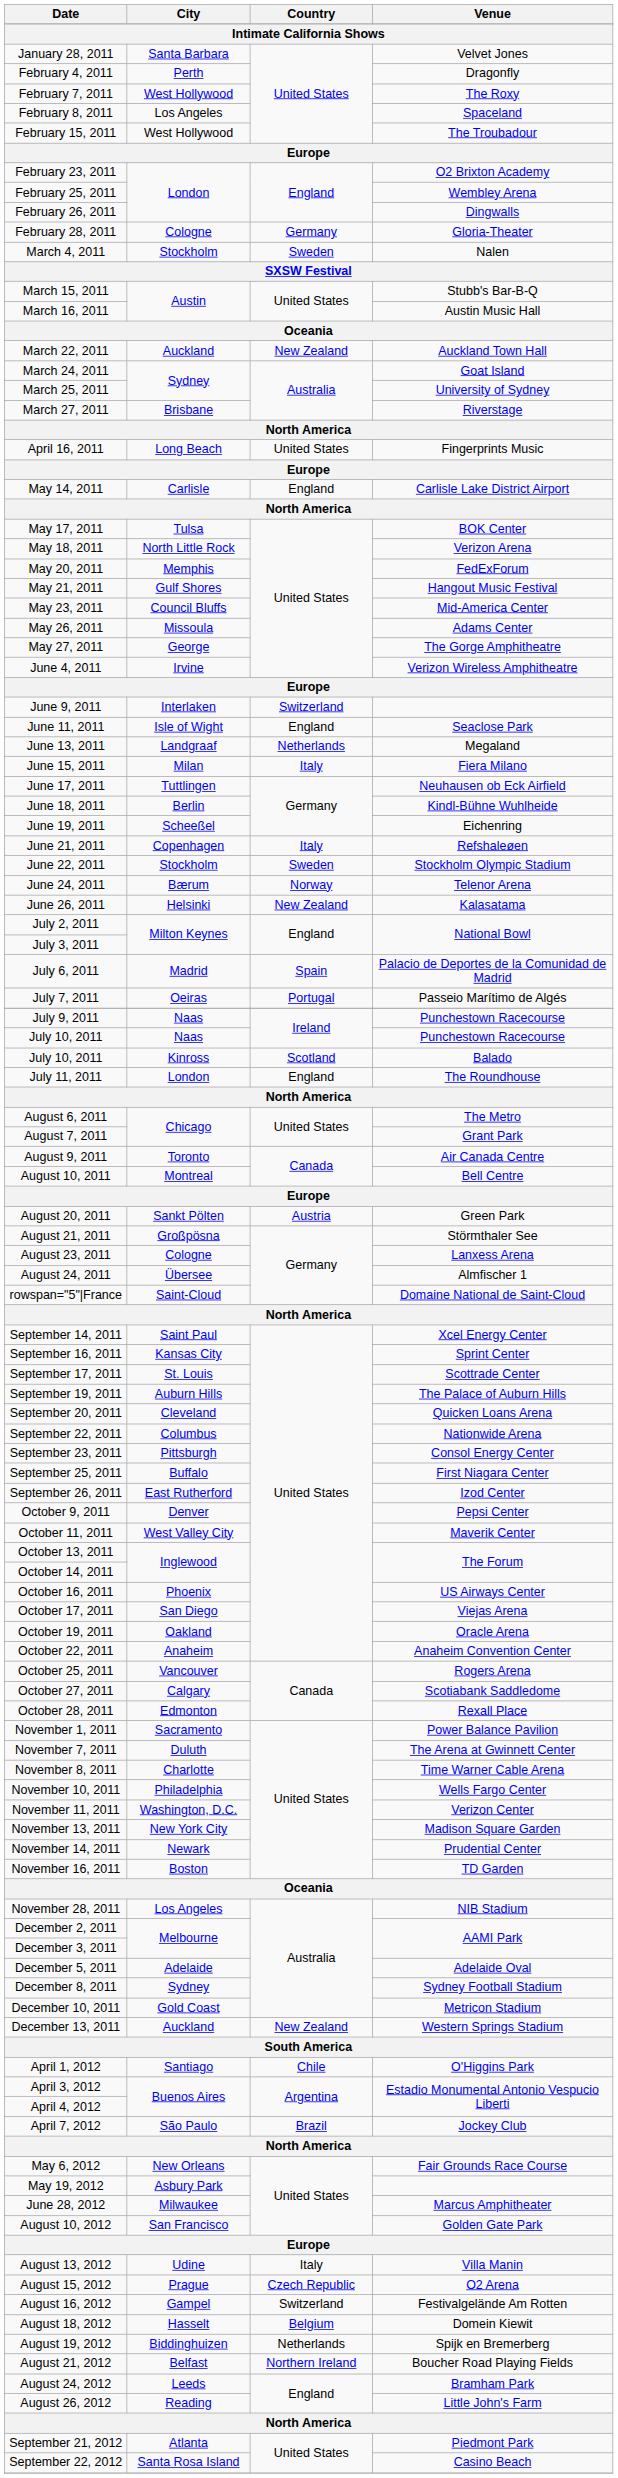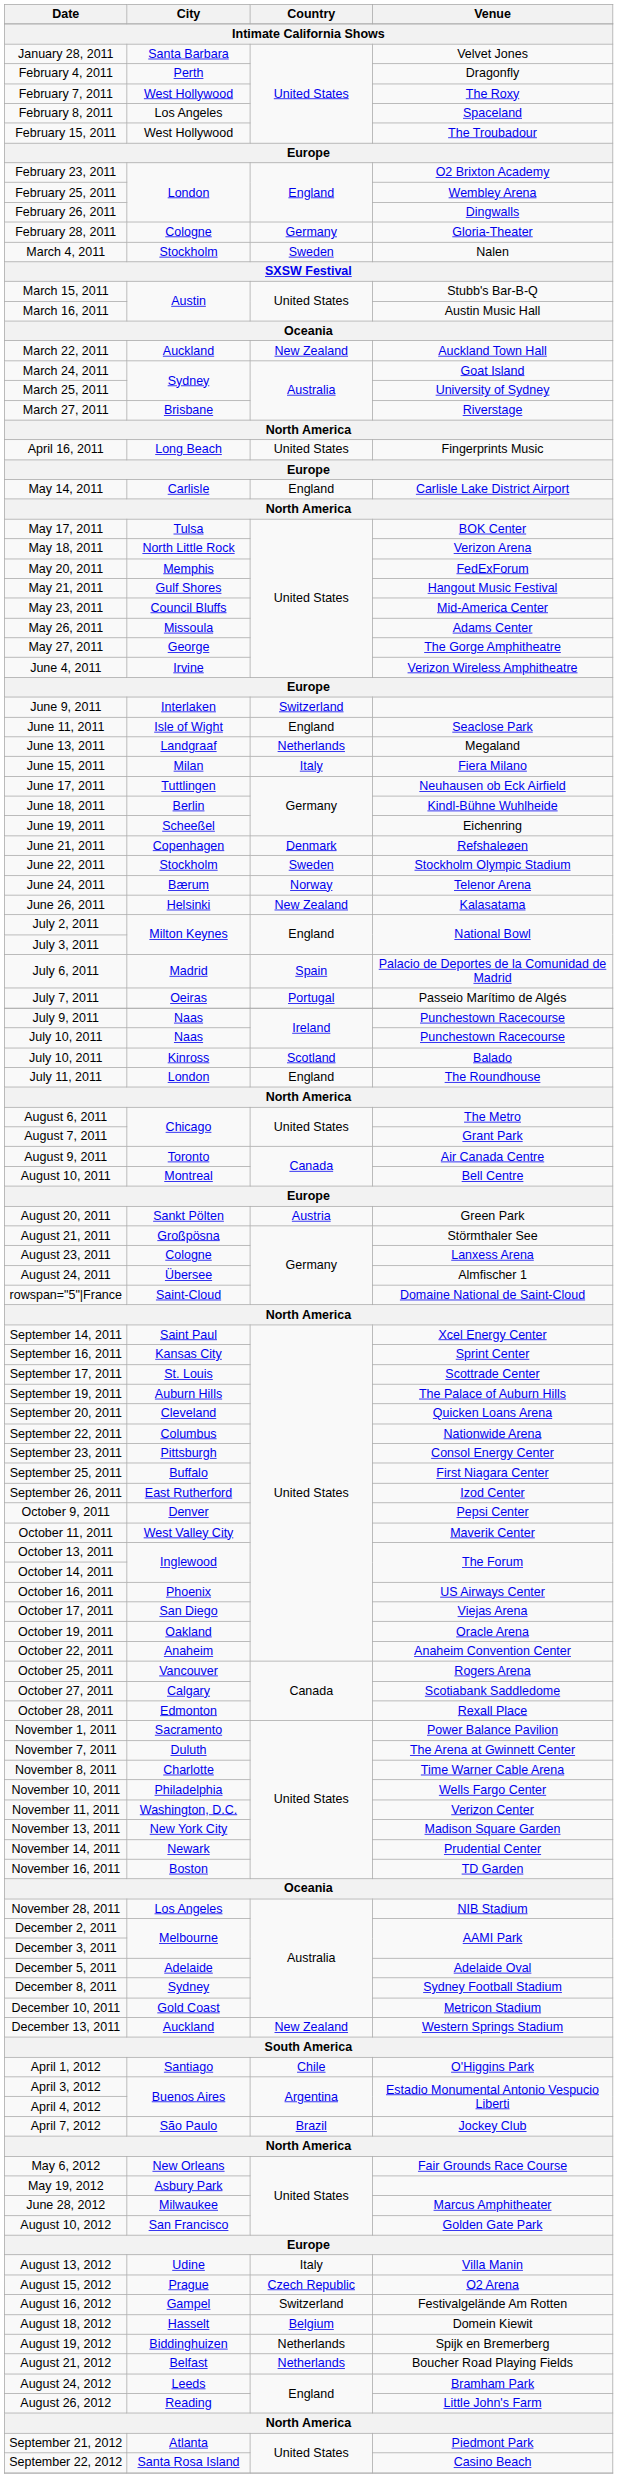 <table class="wikitable" style="text-align:center;">
 <tr>
 <th style="width:150px;">Date</th>
 <th style="width:150px;">City</th>
 <th style="width:150px;">Country</th>
 <th style="width:300px;">Venue</th>
 </tr>
 <tr style="background:#ddd;">
 </tr>
 <tr>
 <th colspan="4">Intimate California Shows</th>
 </tr>
 <tr>
 <td>January 28, 2011</td>
 <td><a href='#'>Santa Barbara</a></td>
 <td rowspan="5"><a href='#'>United States</a></td>
 <td>Velvet Jones</td>
 </tr>
 <tr>
 <td>February 4, 2011</td>
 <td><a href='#'>Perth</a></td>
 <td>Dragonfly</td>
 </tr>
 <tr>
 <td>February 7, 2011</td>
 <td><a href='#'>West Hollywood</a></td>
 <td><a href='#'>The Roxy</a></td>
 </tr>
 <tr>
 <td>February 8, 2011</td>
 <td>Los Angeles</td>
 <td><a href='#'>Spaceland</a></td>
 </tr>
 <tr>
 <td>February 15, 2011</td>
 <td>West Hollywood</td>
 <td><a href='#'>The Troubadour</a></td>
 </tr>
 <tr>
 <th colspan="4">Europe</th>
 </tr>
 <tr>
 <td>February 23, 2011 </td>
 <td rowspan="3"><a href='#'>London</a></td>
 <td rowspan="3"><a href='#'>England</a></td>
 <td><a href='#'>O2 Brixton Academy</a></td>
 </tr>
 <tr>
 <td>February 25, 2011 </td>
 <td><a href='#'>Wembley Arena</a></td>
 </tr>
 <tr>
 <td>February 26, 2011</td>
 <td><a href='#'>Dingwalls</a></td>
 </tr>
 <tr>
 <td>February 28, 2011</td>
 <td><a href='#'>Cologne</a></td>
 <td><a href='#'>Germany</a></td>
 <td><a href='#'>Gloria-Theater</a></td>
 </tr>
 <tr>
 <td>March 4, 2011</td>
 <td><a href='#'>Stockholm</a></td>
 <td><a href='#'>Sweden</a></td>
 <td>Nalen</td>
 </tr>
 <tr>
 <th colspan="4"><a href='#'>SXSW Festival</a></th>
 </tr>
 <tr>
 <td>March 15, 2011</td>
 <td rowspan="2"><a href='#'>Austin</a></td>
 <td rowspan="2">United States</td>
 <td>Stubb's Bar-B-Q</td>
 </tr>
 <tr>
 <td>March 16, 2011</td>
 <td>Austin Music Hall</td>
 </tr>
 <tr>
 <th colspan="4">Oceania</th>
 </tr>
 <tr>
 <td>March 22, 2011</td>
 <td><a href='#'>Auckland</a></td>
 <td><a href='#'>New Zealand</a></td>
 <td><a href='#'>Auckland Town Hall</a></td>
 </tr>
 <tr>
 <td>March 24, 2011</td>
 <td rowspan="2"><a href='#'>Sydney</a></td>
 <td rowspan="3"><a href='#'>Australia</a></td>
 <td><a href='#'>Goat Island</a></td>
 </tr>
 <tr>
 <td>March 25, 2011</td>
 <td><a href='#'>University of Sydney</a></td>
 </tr>
 <tr>
 <td>March 27, 2011</td>
 <td><a href='#'>Brisbane</a></td>
 <td><a href='#'>Riverstage</a></td>
 </tr>
 <tr>
 <th colspan="4">North America</th>
 </tr>
 <tr>
 <td>April 16, 2011</td>
 <td><a href='#'>Long Beach</a></td>
 <td>United States</td>
 <td>Fingerprints Music</td>
 </tr>
 <tr>
 <th colspan="4">Europe</th>
 </tr>
 <tr>
 <td>May 14, 2011 </td>
 <td><a href='#'>Carlisle</a></td>
 <td>England</td>
 <td><a href='#'>Carlisle Lake District Airport</a></td>
 </tr>
 <tr>
 <th colspan="4">North America</th>
 </tr>
 <tr>
 <td>May 17, 2011</td>
 <td><a href='#'>Tulsa</a></td>
 <td rowspan="8">United States</td>
 <td><a href='#'>BOK Center</a></td>
 </tr>
 <tr>
 <td>May 18, 2011</td>
 <td><a href='#'>North Little Rock</a></td>
 <td><a href='#'>Verizon Arena</a></td>
 </tr>
 <tr>
 <td>May 20, 2011</td>
 <td><a href='#'>Memphis</a></td>
 <td><a href='#'>FedExForum</a></td>
 </tr>
 <tr>
 <td>May 21, 2011</td>
 <td><a href='#'>Gulf Shores</a></td>
 <td><a href='#'>Hangout Music Festival</a></td>
 </tr>
 <tr>
 <td>May 23, 2011</td>
 <td><a href='#'>Council Bluffs</a></td>
 <td><a href='#'>Mid-America Center</a></td>
 </tr>
 <tr>
 <td>May 26, 2011</td>
 <td><a href='#'>Missoula</a></td>
 <td><a href='#'>Adams Center</a></td>
 </tr>
 <tr>
 <td>May 27, 2011 </td>
 <td><a href='#'>George</a></td>
 <td><a href='#'>The Gorge Amphitheatre</a></td>
 </tr>
 <tr>
 <td>June 4, 2011 </td>
 <td><a href='#'>Irvine</a></td>
 <td><a href='#'>Verizon Wireless Amphitheatre</a></td>
 </tr>
 <tr>
 <th colspan="4">Europe</th>
 </tr>
 <tr>
 <td>June 9, 2011 </td>
 <td><a href='#'>Interlaken</a></td>
 <td><a href='#'>Switzerland</a></td>
 <td></td>
 </tr>
 <tr>
 <td>June 11, 2011 </td>
 <td><a href='#'>Isle of Wight</a></td>
 <td>England</td>
 <td><a href='#'>Seaclose Park</a></td>
 </tr>
 <tr>
 <td>June 13, 2011 </td>
 <td><a href='#'>Landgraaf</a></td>
 <td><a href='#'>Netherlands</a></td>
 <td>Megaland</td>
 </tr>
 <tr>
 <td>June 15, 2011 </td>
 <td><a href='#'>Milan</a></td>
 <td><a href='#'>Italy</a></td>
 <td><a href='#'>Fiera Milano</a></td>
 </tr>
 <tr>
 <td>June 17, 2011 </td>
 <td><a href='#'>Tuttlingen</a></td>
 <td rowspan="3">Germany</td>
 <td><a href='#'>Neuhausen ob Eck Airfield</a></td>
 </tr>
 <tr>
 <td>June 18, 2011</td>
 <td><a href='#'>Berlin</a></td>
 <td><a href='#'>Kindl-Bühne Wuhlheide</a></td>
 </tr>
 <tr>
 <td>June 19, 2011 </td>
 <td><a href='#'>Scheeßel</a></td>
 <td>Eichenring</td>
 </tr>
 <tr>
 <td>June 21, 2011</td>
 <td><a href='#'>Copenhagen</a></td>
-<td><a href='#'>Italy</a></td>
+<td><a href='#'>Denmark</a></td>
 <td><a href='#'>Refshaleøen</a></td>
 </tr>
 <tr>
 <td>June 22, 2011</td>
 <td><a href='#'>Stockholm</a></td>
 <td><a href='#'>Sweden</a></td>
 <td><a href='#'>Stockholm Olympic Stadium</a></td>
 </tr>
 <tr>
 <td>June 24, 2011</td>
 <td><a href='#'>Bærum</a></td>
 <td><a href='#'>Norway</a></td>
 <td><a href='#'>Telenor Arena</a></td>
 </tr>
 <tr>
 <td>June 26, 2011</td>
 <td><a href='#'>Helsinki</a></td>
 <td><a href='#'>New Zealand</a></td>
 <td><a href='#'>Kalasatama</a></td>
 </tr>
 <tr>
 <td>July 2, 2011</td>
 <td rowspan="2"><a href='#'>Milton Keynes</a></td>
 <td rowspan="2">England</td>
 <td rowspan="2"><a href='#'>National Bowl</a></td>
 </tr>
 <tr>
 <td>July 3, 2011</td>
 </tr>
 <tr>
 <td>July 6, 2011</td>
 <td><a href='#'>Madrid</a></td>
 <td><a href='#'>Spain</a></td>
 <td><a href='#'>Palacio de Deportes de la Comunidad de Madrid</a></td>
 </tr>
 <tr>
 <td>July 7, 2011 </td>
 <td><a href='#'>Oeiras</a></td>
 <td><a href='#'>Portugal</a></td>
 <td>Passeio Marítimo de Algés</td>
 </tr>
 <tr>
 </tr>
 <tr>
 <td>July 9, 2011 </td>
 <td><a href='#'>Naas</a></td>
 <td rowspan="2"><a href='#'>Ireland</a></td>
 <td><a href='#'>Punchestown Racecourse</a></td>
 </tr>
 <tr>
 <td>July 10, 2011 </td>
 <td><a href='#'>Naas</a></td>
 <td><a href='#'>Punchestown Racecourse</a></td>
 </tr>
 <tr>
 <td>July 10, 2011 </td>
 <td><a href='#'>Kinross</a></td>
 <td><a href='#'>Scotland</a></td>
 <td><a href='#'>Balado</a></td>
 </tr>
 <tr>
 <td>July 11, 2011 </td>
 <td><a href='#'>London</a></td>
 <td>England</td>
 <td><a href='#'>The Roundhouse</a></td>
 </tr>
 <tr>
 <th colspan="4">North America</th>
 </tr>
 <tr>
 <td>August 6, 2011</td>
 <td rowspan="2"><a href='#'>Chicago</a></td>
 <td rowspan="2">United States</td>
 <td><a href='#'>The Metro</a></td>
 </tr>
 <tr>
 <td>August 7, 2011 </td>
 <td><a href='#'>Grant Park</a></td>
 </tr>
 <tr>
 <td>August 9, 2011</td>
 <td><a href='#'>Toronto</a></td>
 <td rowspan="2"><a href='#'>Canada</a></td>
 <td><a href='#'>Air Canada Centre</a></td>
 </tr>
 <tr>
 <td>August 10, 2011</td>
 <td><a href='#'>Montreal</a></td>
 <td><a href='#'>Bell Centre</a></td>
 </tr>
 <tr>
 <th colspan="4">Europe</th>
 </tr>
 <tr>
 <td>August 20, 2011 </td>
 <td><a href='#'>Sankt Pölten</a></td>
 <td><a href='#'>Austria</a></td>
 <td>Green Park</td>
 </tr>
 <tr>
 <td>August 21, 2011 </td>
 <td><a href='#'>Großpösna</a></td>
 <td rowspan="4">Germany</td>
 <td>Störmthaler See</td>
 </tr>
 <tr>
 <td>August 23, 2011</td>
 <td><a href='#'>Cologne</a></td>
 <td><a href='#'>Lanxess Arena</a></td>
 </tr>
 <tr>
 <td>August 24, 2011 </td>
 <td><a href='#'>Übersee</a></td>
 <td>Almfischer 1</td>
 </tr>
 <tr>
 <td August 26, 2011 >rowspan="5"|France</td>
 <td><a href='#'>Saint-Cloud</a></td>
 <td><a href='#'>Domaine National de Saint-Cloud</a></td>
 </tr>
 <tr>
 <th colspan="4">North America</th>
 </tr>
 <tr>
 <td>September 14, 2011</td>
 <td><a href='#'>Saint Paul</a></td>
 <td rowspan="17">United States</td>
 <td><a href='#'>Xcel Energy Center</a></td>
 </tr>
 <tr>
 <td>September 16, 2011</td>
 <td><a href='#'>Kansas City</a></td>
 <td><a href='#'>Sprint Center</a></td>
 </tr>
 <tr>
 <td>September 17, 2011</td>
 <td><a href='#'>St. Louis</a></td>
 <td><a href='#'>Scottrade Center</a></td>
 </tr>
 <tr>
 <td>September 19, 2011</td>
 <td><a href='#'>Auburn Hills</a></td>
 <td><a href='#'>The Palace of Auburn Hills</a></td>
 </tr>
 <tr>
 <td>September 20, 2011</td>
 <td><a href='#'>Cleveland</a></td>
 <td><a href='#'>Quicken Loans Arena</a></td>
 </tr>
 <tr>
 <td>September 22, 2011</td>
 <td><a href='#'>Columbus</a></td>
 <td><a href='#'>Nationwide Arena</a></td>
 </tr>
 <tr>
 <td>September 23, 2011</td>
 <td><a href='#'>Pittsburgh</a></td>
 <td><a href='#'>Consol Energy Center</a></td>
 </tr>
 <tr>
 <td>September 25, 2011</td>
 <td><a href='#'>Buffalo</a></td>
 <td><a href='#'>First Niagara Center</a></td>
 </tr>
 <tr>
 <td>September 26, 2011</td>
 <td><a href='#'>East Rutherford</a></td>
 <td><a href='#'>Izod Center</a></td>
 </tr>
 <tr>
 <td>October 9, 2011</td>
 <td><a href='#'>Denver</a></td>
 <td><a href='#'>Pepsi Center</a></td>
 </tr>
 <tr>
 <td>October 11, 2011</td>
 <td><a href='#'>West Valley City</a></td>
 <td><a href='#'>Maverik Center</a></td>
 </tr>
 <tr>
 <td>October 13, 2011</td>
 <td rowspan="2"><a href='#'>Inglewood</a></td>
 <td rowspan="2"><a href='#'>The Forum</a></td>
 </tr>
 <tr>
 <td>October 14, 2011</td>
 </tr>
 <tr>
 <td>October 16, 2011</td>
 <td><a href='#'>Phoenix</a></td>
 <td><a href='#'>US Airways Center</a></td>
 </tr>
 <tr>
 <td>October 17, 2011</td>
 <td><a href='#'>San Diego</a></td>
 <td><a href='#'>Viejas Arena</a></td>
 </tr>
 <tr>
 <td>October 19, 2011</td>
 <td><a href='#'>Oakland</a></td>
 <td><a href='#'>Oracle Arena</a></td>
 </tr>
 <tr>
 <td>October 22, 2011 </td>
 <td><a href='#'>Anaheim</a></td>
 <td><a href='#'>Anaheim Convention Center</a></td>
 </tr>
 <tr>
 <td>October 25, 2011</td>
 <td><a href='#'>Vancouver</a></td>
 <td rowspan="3">Canada</td>
 <td><a href='#'>Rogers Arena</a></td>
 </tr>
 <tr>
 <td>October 27, 2011</td>
 <td><a href='#'>Calgary</a></td>
 <td><a href='#'>Scotiabank Saddledome</a></td>
 </tr>
 <tr>
 <td>October 28, 2011</td>
 <td><a href='#'>Edmonton</a></td>
 <td><a href='#'>Rexall Place</a></td>
 </tr>
 <tr>
 <td>November 1, 2011</td>
 <td><a href='#'>Sacramento</a></td>
 <td rowspan="8">United States</td>
 <td><a href='#'>Power Balance Pavilion</a></td>
 </tr>
 <tr>
 <td>November 7, 2011</td>
 <td><a href='#'>Duluth</a></td>
 <td><a href='#'>The Arena at Gwinnett Center</a></td>
 </tr>
 <tr>
 <td>November 8, 2011</td>
 <td><a href='#'>Charlotte</a></td>
 <td><a href='#'>Time Warner Cable Arena</a></td>
 </tr>
 <tr>
 <td>November 10, 2011</td>
 <td><a href='#'>Philadelphia</a></td>
 <td><a href='#'>Wells Fargo Center</a></td>
 </tr>
 <tr>
 <td>November 11, 2011</td>
 <td><a href='#'>Washington, D.C.</a></td>
 <td><a href='#'>Verizon Center</a></td>
 </tr>
 <tr>
 <td>November 13, 2011</td>
 <td><a href='#'>New York City</a></td>
 <td><a href='#'>Madison Square Garden</a></td>
 </tr>
 <tr>
 <td>November 14, 2011</td>
 <td><a href='#'>Newark</a></td>
 <td><a href='#'>Prudential Center</a></td>
 </tr>
 <tr>
 <td>November 16, 2011</td>
 <td><a href='#'>Boston</a></td>
 <td><a href='#'>TD Garden</a></td>
 </tr>
 <tr>
 <th colspan="4">Oceania</th>
 </tr>
 <tr>
 <td>November 28, 2011</td>
 <td><a href='#'>Los Angeles</a></td>
 <td rowspan="6">Australia</td>
 <td><a href='#'>NIB Stadium</a></td>
 </tr>
 <tr>
 <td>December 2, 2011</td>
 <td rowspan="2"><a href='#'>Melbourne</a></td>
 <td rowspan="2"><a href='#'>AAMI Park</a></td>
 </tr>
 <tr>
 <td>December 3, 2011</td>
 </tr>
 <tr>
 <td>December 5, 2011</td>
 <td><a href='#'>Adelaide</a></td>
 <td><a href='#'>Adelaide Oval</a></td>
 </tr>
 <tr>
 <td>December 8, 2011</td>
 <td><a href='#'>Sydney</a></td>
 <td><a href='#'>Sydney Football Stadium</a></td>
 </tr>
 <tr>
 <td>December 10, 2011</td>
 <td><a href='#'>Gold Coast</a></td>
 <td><a href='#'>Metricon Stadium</a></td>
 </tr>
 <tr>
 <td>December 13, 2011</td>
 <td><a href='#'>Auckland</a></td>
 <td><a href='#'>New Zealand</a></td>
 <td><a href='#'>Western Springs Stadium</a></td>
 </tr>
 <tr>
 <th colspan="4">South America</th>
 </tr>
 <tr>
 <td>April 1, 2012 </td>
 <td><a href='#'>Santiago</a></td>
 <td><a href='#'>Chile</a></td>
 <td><a href='#'>O'Higgins Park</a></td>
 </tr>
 <tr>
 <td>April 3, 2012 </td>
 <td rowspan="2"><a href='#'>Buenos Aires</a></td>
 <td rowspan="2"><a href='#'>Argentina</a></td>
 <td rowspan="2"><a href='#'>Estadio Monumental Antonio Vespucio Liberti</a></td>
 </tr>
 <tr>
 <td>April 4, 2012 </td>
 </tr>
 <tr>
 <td>April 7, 2012 </td>
 <td><a href='#'>São Paulo</a></td>
 <td><a href='#'>Brazil</a></td>
 <td><a href='#'>Jockey Club</a></td>
 </tr>
 <tr>
 <th colspan="4">North America</th>
 </tr>
 <tr>
 <td>May 6, 2012 </td>
 <td><a href='#'>New Orleans</a></td>
 <td rowspan="4">United States</td>
 <td><a href='#'>Fair Grounds Race Course</a></td>
 </tr>
 <tr>
 <td>May 19, 2012 </td>
 <td><a href='#'>Asbury Park</a></td>
 <td></td>
 </tr>
 <tr>
 <td>June 28, 2012 </td>
 <td><a href='#'>Milwaukee</a></td>
 <td><a href='#'>Marcus Amphitheater</a></td>
 </tr>
 <tr>
 <td>August 10, 2012 </td>
 <td><a href='#'>San Francisco</a></td>
 <td><a href='#'>Golden Gate Park</a></td>
 </tr>
 <tr>
 <th colspan="4">Europe</th>
 </tr>
 <tr>
 <td>August 13, 2012</td>
 <td><a href='#'>Udine</a></td>
 <td>Italy</td>
 <td><a href='#'>Villa Manin</a></td>
 </tr>
 <tr>
 <td>August 15, 2012</td>
 <td><a href='#'>Prague</a></td>
 <td><a href='#'>Czech Republic</a></td>
 <td><a href='#'>O2 Arena</a></td>
 </tr>
 <tr>
 <td>August 16, 2012 </td>
 <td><a href='#'>Gampel</a></td>
 <td>Switzerland</td>
 <td>Festivalgelände Am Rotten</td>
 </tr>
 <tr>
 <td>August 18, 2012 </td>
 <td><a href='#'>Hasselt</a></td>
 <td><a href='#'>Belgium</a></td>
 <td>Domein Kiewit</td>
 </tr>
 <tr>
 <td>August 19, 2012 </td>
 <td><a href='#'>Biddinghuizen</a></td>
 <td>Netherlands</td>
 <td>Spijk en Bremerberg</td>
 </tr>
 <tr>
 <td>August 21, 2012 </td>
 <td><a href='#'>Belfast</a></td>
-<td><a href='#'>Northern Ireland</a></td>
+<td><a href='#'>Netherlands</a></td>
 <td>Boucher Road Playing Fields</td>
 </tr>
 <tr>
 <td>August 24, 2012 </td>
 <td><a href='#'>Leeds</a></td>
 <td rowspan="2">England</td>
 <td><a href='#'>Bramham Park</a></td>
 </tr>
 <tr>
 <td>August 26, 2012 </td>
 <td><a href='#'>Reading</a></td>
 <td><a href='#'>Little John's Farm</a></td>
 </tr>
 <tr>
 <th colspan="4">North America</th>
 </tr>
 <tr>
 <td>September 21, 2012 </td>
 <td><a href='#'>Atlanta</a></td>
 <td rowspan="2">United States</td>
 <td><a href='#'>Piedmont Park</a></td>
 </tr>
 <tr>
 <td>September 22, 2012 </td>
 <td><a href='#'>Santa Rosa Island</a></td>
 <td><a href='#'>Casino Beach</a></td>
 </tr>
 <tr>
 </tr>
 </table>
